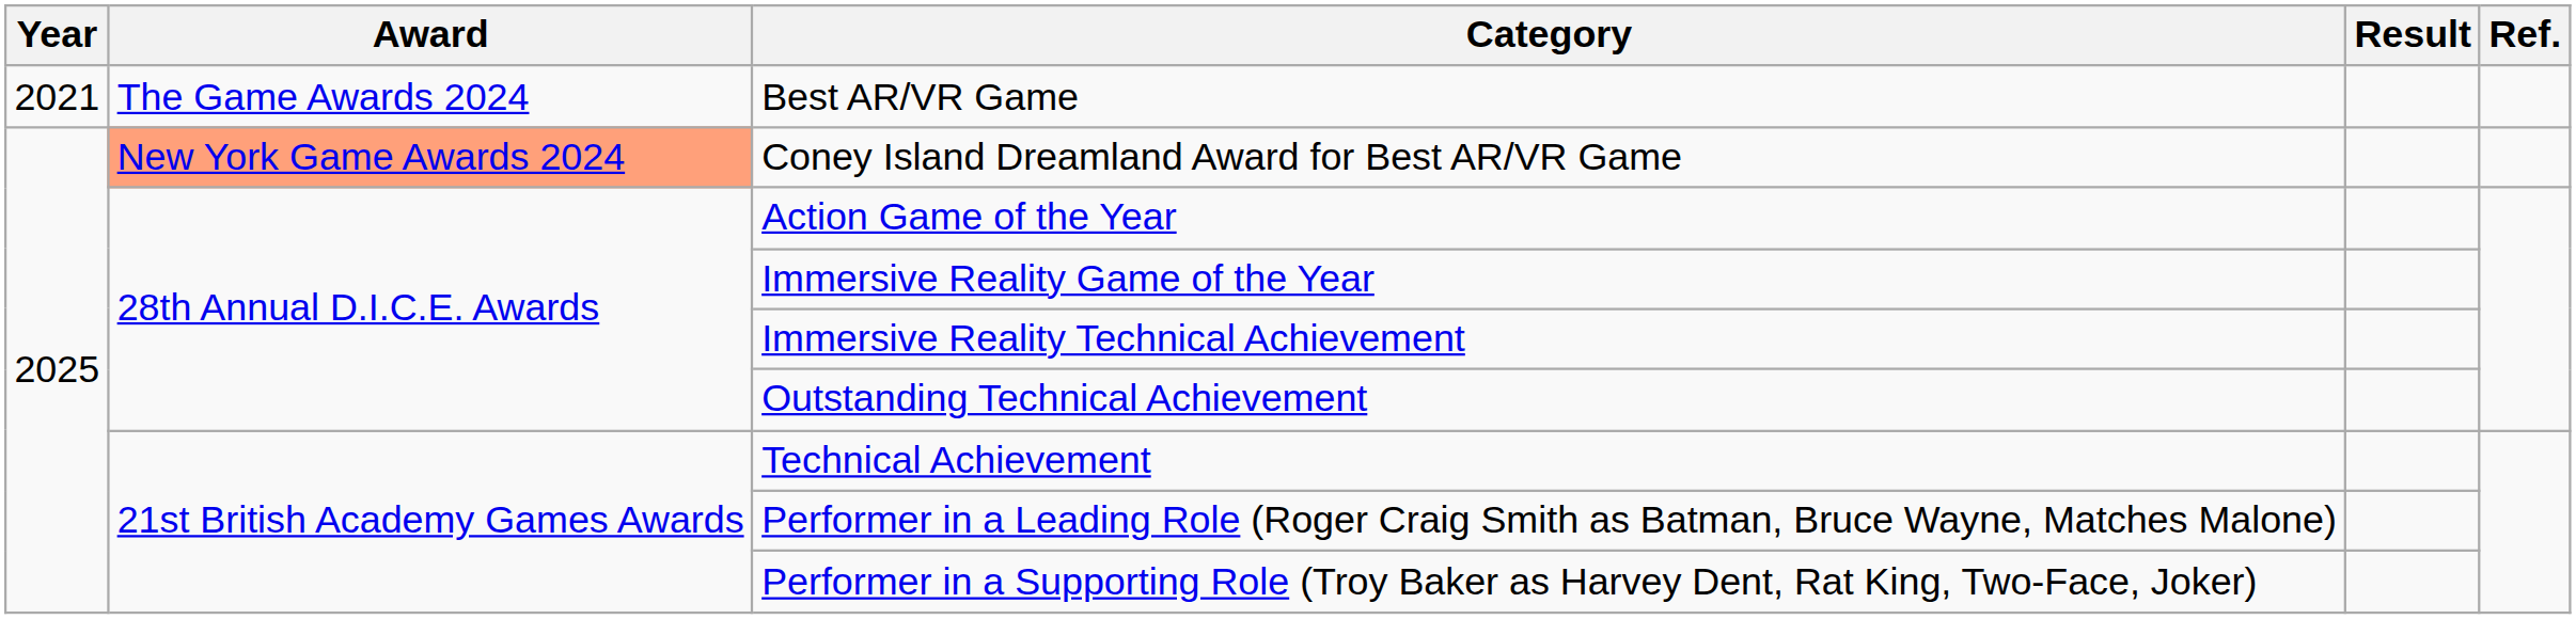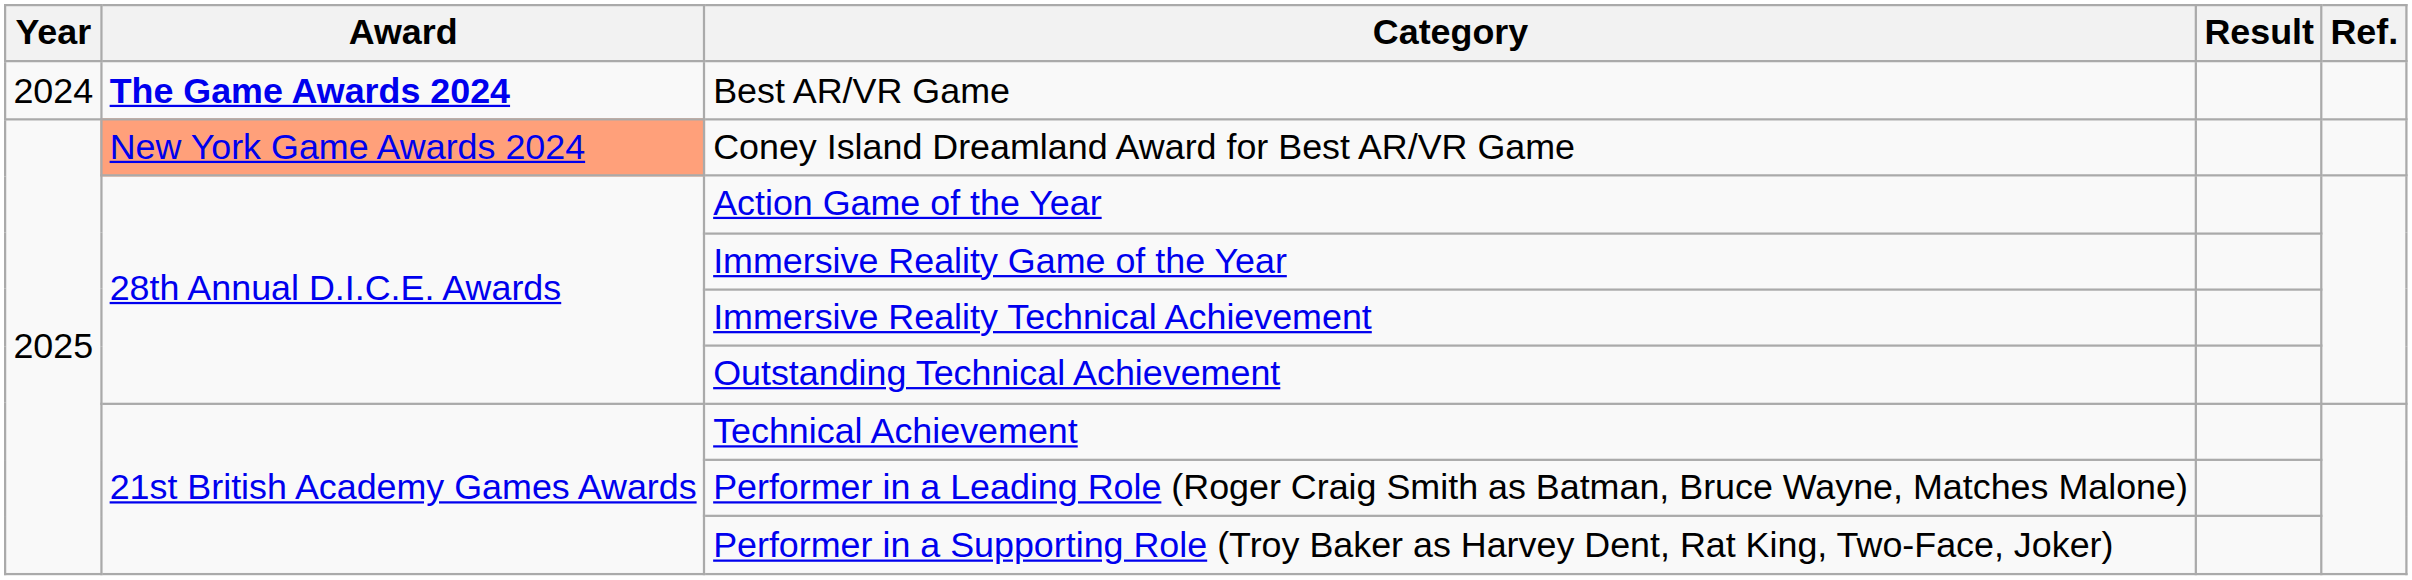 <table class="wikitable sortable">
 <tr>
 <th scope="col">Year</th>
 <th scope="col">Award</th>
 <th scope="col">Category</th>
 <th scope="col">Result</th>
 <th scope="col" class="unsortable">Ref.</th>
 </tr>
 <tr>
-<td>2021</td>
-<td><a href='#'>The Game Awards 2024</a></td>
+<td>2024</td>
+<td><strong><a href='#'>The Game Awards 2024</a></strong></td>
 <td>Best AR/VR Game</td>
 <td></td>
 <td align="center"></td>
 </tr>
 <tr>
 <td rowspan="8">2025</td>
 <td style="background: lightsalmon;"><a href='#'>New York Game Awards 2024</a></td>
 <td>Coney Island Dreamland Award for Best AR/VR Game</td>
 <td></td>
 <td align="center"></td>
 </tr>
 <tr>
 <td rowspan="4"><a href='#'>28th Annual D.I.C.E. Awards</a></td>
 <td><a href='#'>Action Game of the Year</a></td>
 <td></td>
 <td rowspan="4" style="text-align:center;"></td>
 </tr>
 <tr>
 <td><a href='#'>Immersive Reality Game of the Year</a></td>
 <td></td>
 </tr>
 <tr>
 <td><a href='#'>Immersive Reality Technical Achievement</a></td>
 <td></td>
 </tr>
 <tr>
 <td><a href='#'>Outstanding Technical Achievement</a></td>
 <td></td>
 </tr>
 <tr>
 <td rowspan="3"><a href='#'>21st British Academy Games Awards</a></td>
 <td><a href='#'>Technical Achievement</a></td>
 <td></td>
 <td align="center" rowspan="3"></td>
 </tr>
 <tr>
 <td><a href='#'>Performer in a Leading Role</a> (Roger Craig Smith as Batman, Bruce Wayne, Matches Malone)</td>
 <td></td>
 </tr>
 <tr>
 <td><a href='#'>Performer in a Supporting Role</a> (Troy Baker as Harvey Dent, Rat King, Two-Face, Joker)</td>
 <td></td>
 </tr>
 </table>
